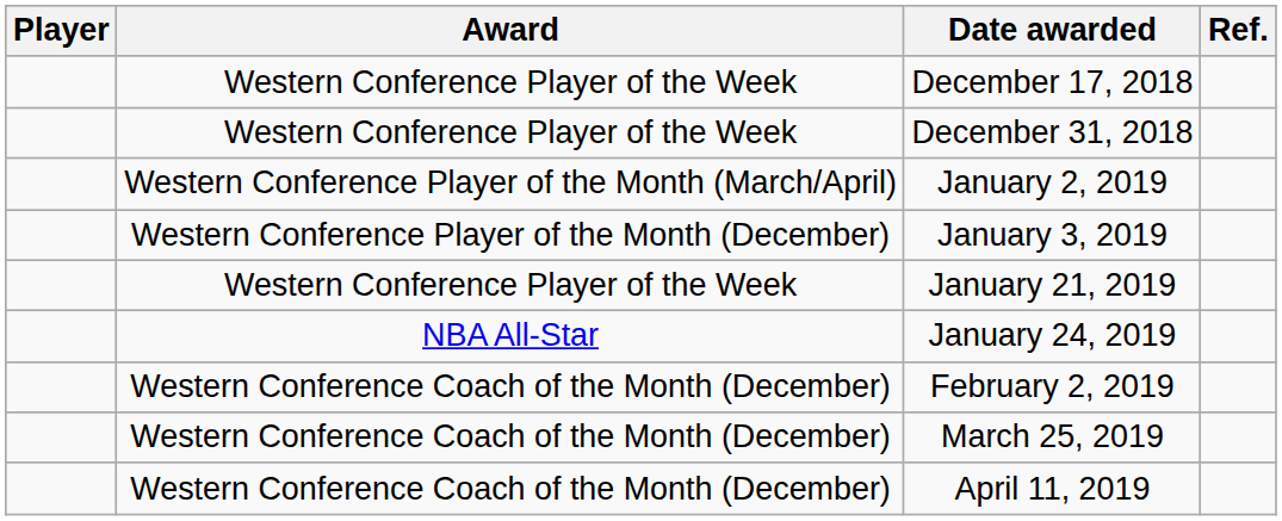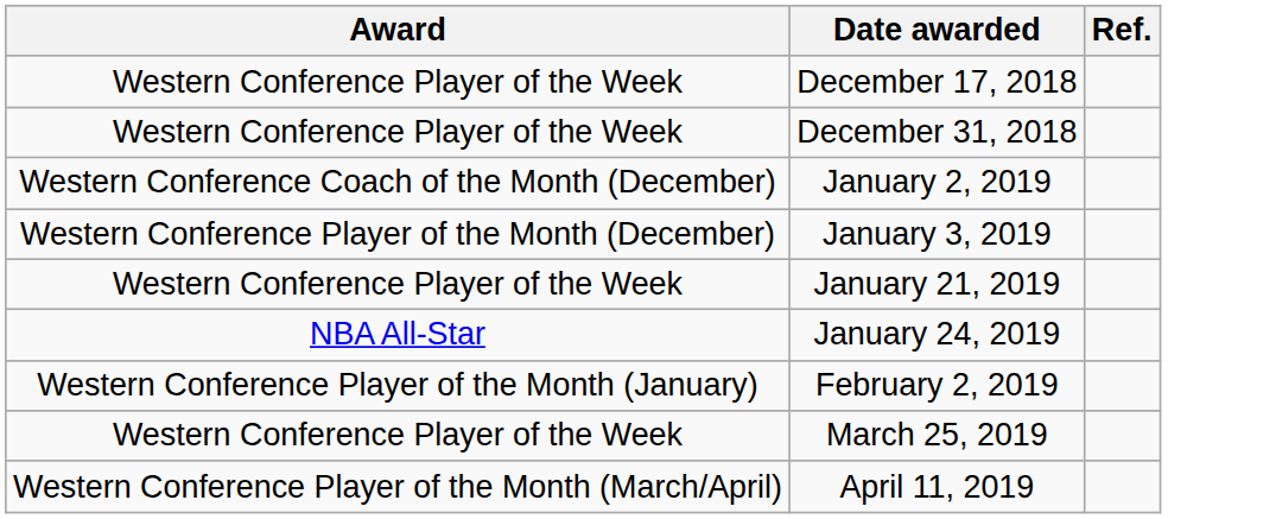 <table class="wikitable sortable sortable" style="text-align: center">
 <tr>
-<th>Player</th>
 <th>Award</th>
 <th>Date awarded</th>
 <th>Ref.</th>
 </tr>
 <tr>
-<td></td>
 <td>Western Conference Player of the Week</td>
 <td>December 17, 2018</td>
 <td align=center></td>
 </tr>
 <tr>
-<td></td>
 <td>Western Conference Player of the Week</td>
 <td>December 31, 2018</td>
 <td align=center></td>
 </tr>
 <tr>
-<td></td>
-<td>Western Conference Player of the Month (March/April)</td>
+<td>Western Conference Coach of the Month (December)</td>
 <td>January 2, 2019</td>
 <td align=center></td>
 </tr>
 <tr>
-<td></td>
 <td>Western Conference Player of the Month (December)</td>
 <td>January 3, 2019</td>
 <td align=center></td>
 </tr>
 <tr>
-<td></td>
 <td>Western Conference Player of the Week</td>
 <td>January 21, 2019</td>
 <td align=center></td>
 </tr>
 <tr>
-<td></td>
 <td><a href='#'>NBA All-Star</a></td>
 <td>January 24, 2019</td>
 <td align=center></td>
 </tr>
 <tr>
-<td></td>
-<td>Western Conference Coach of the Month (December)</td>
+<td>Western Conference Player of the Month (January)</td>
 <td>February 2, 2019</td>
 <td align=center></td>
 </tr>
 <tr>
-<td></td>
-<td>Western Conference Coach of the Month (December)</td>
+<td>Western Conference Player of the Week</td>
 <td>March 25, 2019</td>
 <td align=center></td>
 </tr>
 <tr>
-<td></td>
-<td>Western Conference Coach of the Month (December)</td>
+<td>Western Conference Player of the Month (March/April)</td>
 <td>April 11, 2019</td>
 <td align=center></td>
 </tr>
 </table>
